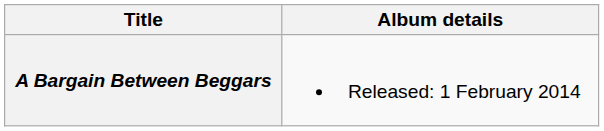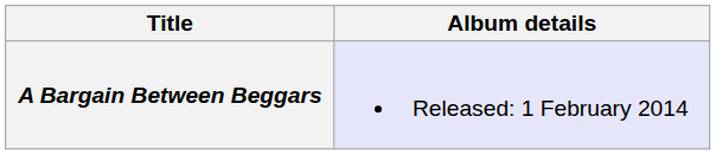 <table class="wikitable plainrowheaders" style="text-align:center;" border="1">
 <tr>
 <th scope="col" style="width:14em;">Title</th>
 <th scope="col" style="width:16em;">Album details</th>
 </tr>
 <tr>
 <th scope="row"><em>A Bargain Between Beggars</em></th>
-<td><br><ul><li>Released: 1 February 2014</li></ul></td>
+<td style="background: lavender;"><br><ul><li>Released: 1 February 2014</li></ul></td>
 </tr>
 </table>
